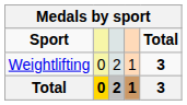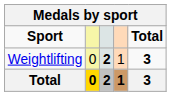 <table class="wikitable" style=font-size:85%;float:center;text-align:center>
 <tr style="background:#efefef;">
 <th colspan=5><strong>Medals by sport</strong></th>
 </tr>
 <tr align=center>
 <td><strong>Sport</strong></td>
 <td bgcolor=#f7f6a8></td>
 <td bgcolor=#dce5e5></td>
 <td bgcolor=#ffdab9></td>
 <td><strong>Total</strong></td>
 </tr>
 <tr align=center>
 <td><a href='#'>Weightlifting</a></td>
 <td style="background:#F7F6A8;">0</td>
-<td style="background:#DCE5E5;">2</td>
+<td style="background:#DCE5E5;"><strong>2</strong></td>
 <td style="background:#FFDAB9;">1</td>
 <td><strong>3</strong></td>
 </tr>
 <tr align=center>
 <th><strong>Total</strong></th>
 <th style="background:gold;"><strong>0</strong></th>
 <th style="background:silver;"><strong>2</strong></th>
 <th style="background:#c96;"><strong>1</strong></th>
 <th><strong>3</strong></th>
 </tr>
 </table>
